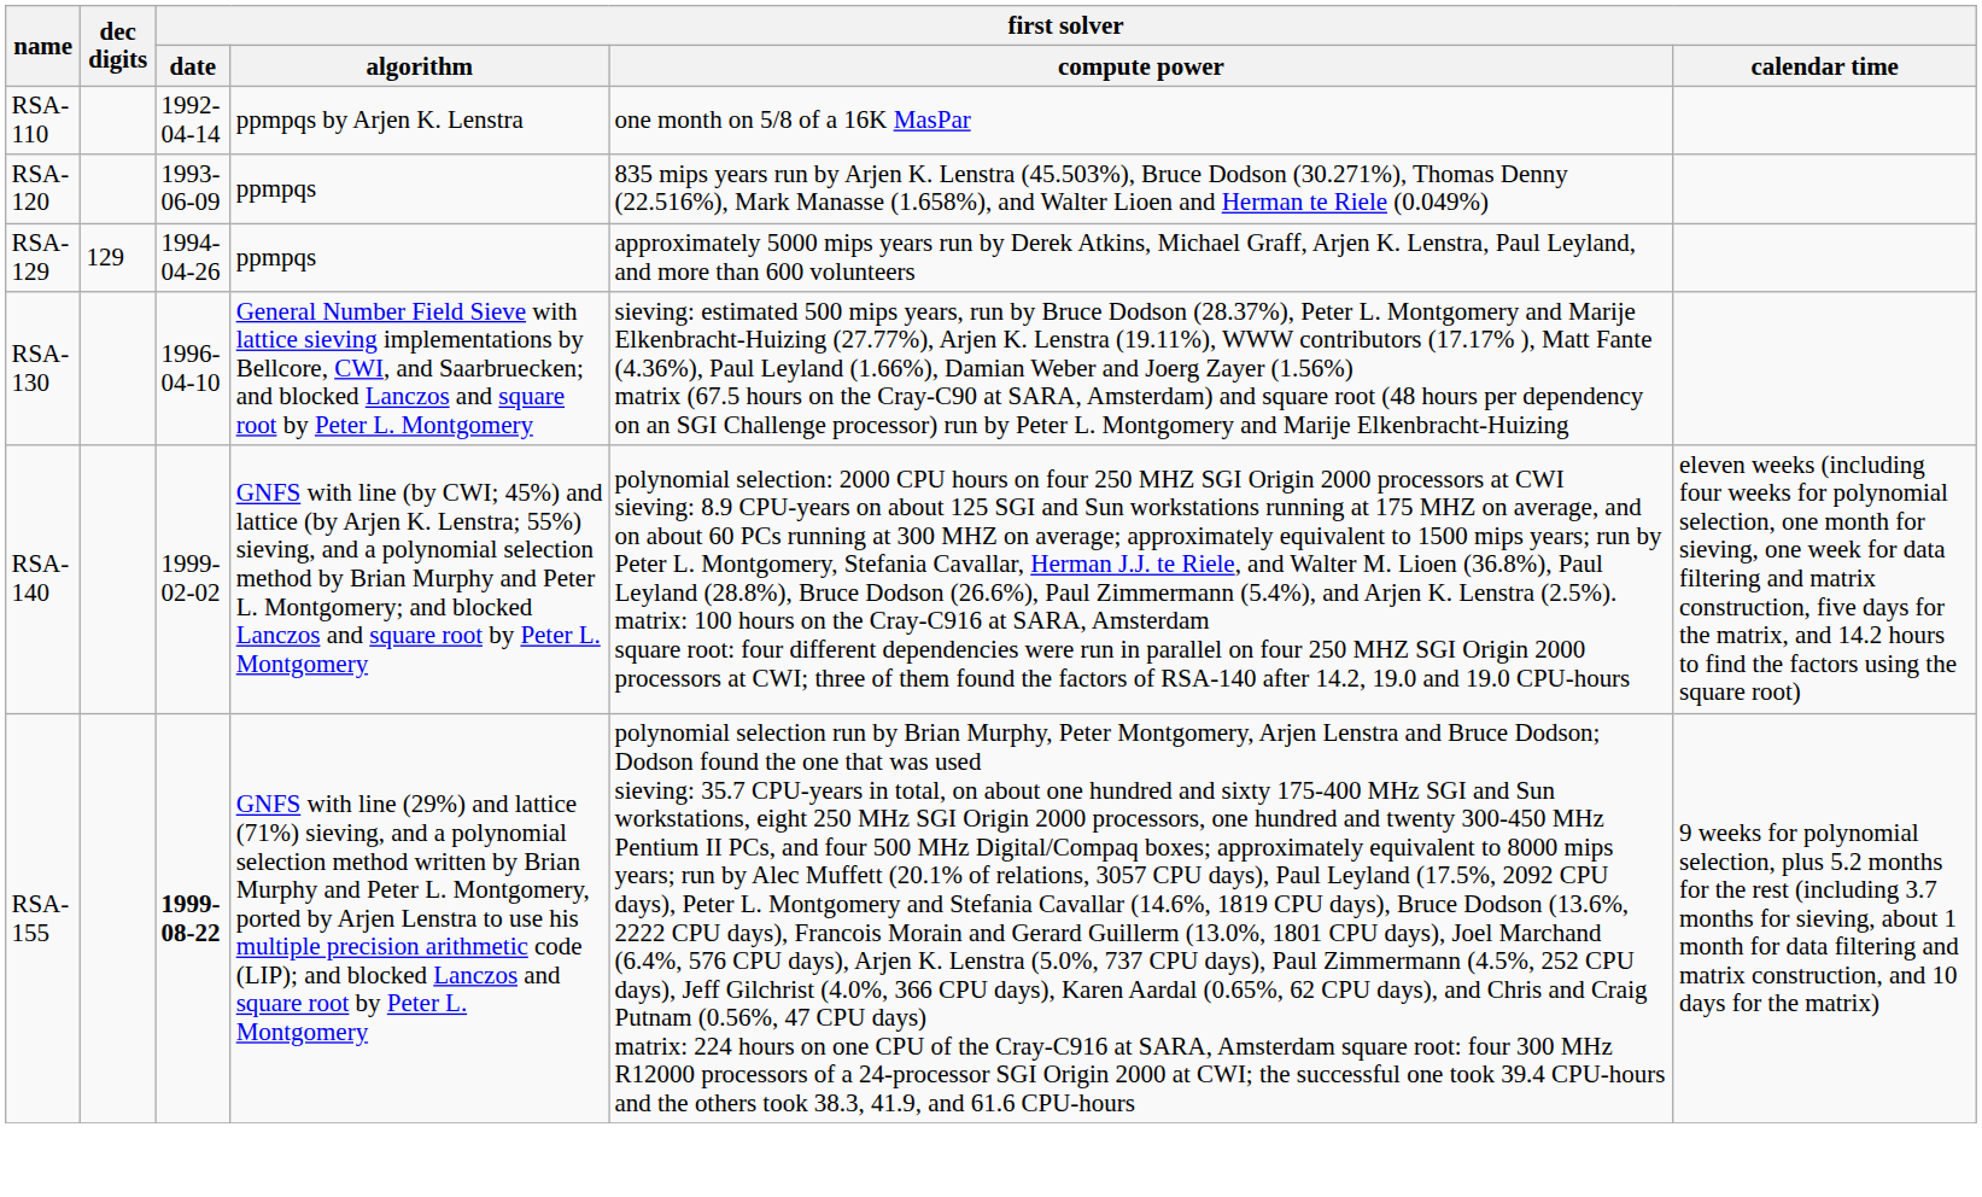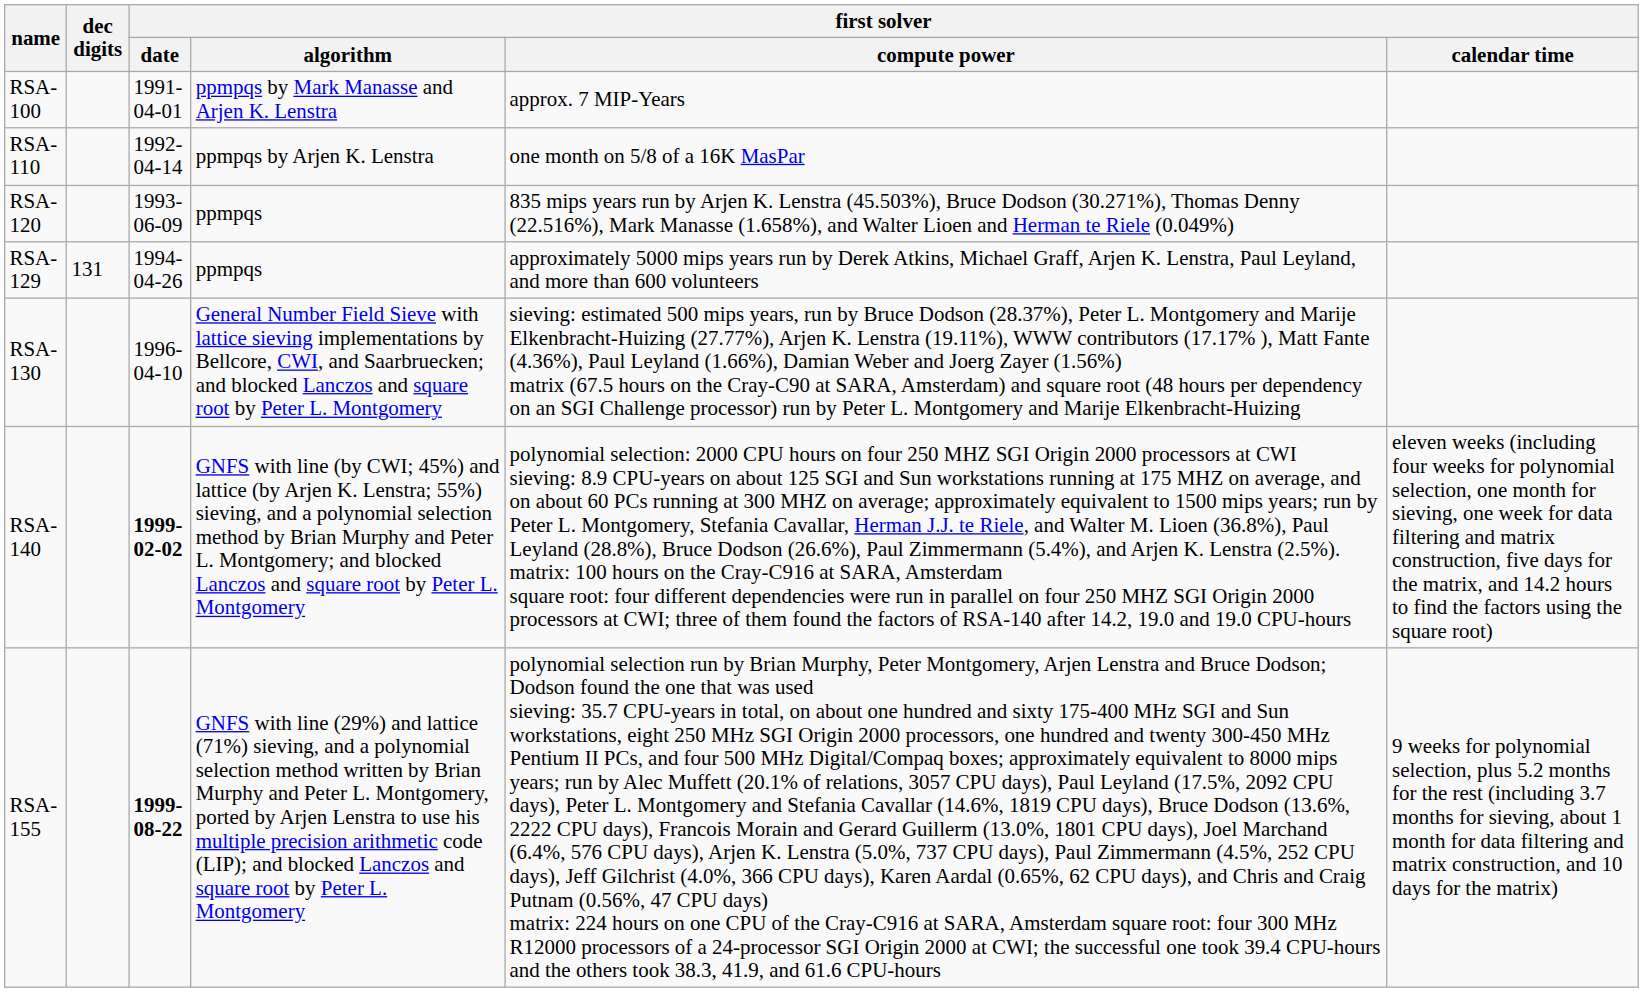 <table class="wikitable sortable sticky-header-multi" style="table-layout: fixed; overflow-wrap: anywhere;">
 <tr>
 <th rowspan="2" style="width:5ch">name</th>
 <th rowspan="2" style="width:5ch">dec digits</th>
 <th colspan="4">first solver</th>
 </tr>
 <tr>
 <th style="width:5ch">date</th>
 <th>algorithm</th>
 <th>compute power</th>
 <th>calendar time</th>
+</tr>
+<tr>
+<td>RSA-100</td>
+<td></td>
+<td>1991-04-01</td>
+<td><a href='#'>ppmpqs</a> by <a href='#'>Mark Manasse</a> and <a href='#'>Arjen K. Lenstra</a></td>
+<td>approx. 7 MIP-Years</td>
+<td></td>
 </tr>
 <tr>
 <td>RSA-110</td>
 <td></td>
 <td>1992-04-14</td>
 <td>ppmpqs by Arjen K. Lenstra</td>
 <td>one month on 5/8 of a 16K <a href='#'>MasPar</a></td>
 <td></td>
 </tr>
 <tr>
 <td>RSA-120</td>
 <td></td>
 <td>1993-06-09</td>
 <td>ppmpqs</td>
 <td>835 mips years run by Arjen K. Lenstra (45.503%), Bruce Dodson (30.271%), Thomas Denny (22.516%), Mark Manasse (1.658%), and Walter Lioen and <a href='#'>Herman te Riele</a> (0.049%)</td>
 <td></td>
 </tr>
 <tr>
 <td>RSA-129</td>
-<td>129</td>
+<td>131</td>
 <td>1994-04-26</td>
 <td>ppmpqs</td>
 <td>approximately 5000 mips years run by Derek Atkins, Michael Graff, Arjen K. Lenstra, Paul Leyland, and more than 600 volunteers</td>
 <td></td>
 </tr>
 <tr>
 <td>RSA-130</td>
 <td></td>
 <td>1996-04-10</td>
 <td><a href='#'>General Number Field Sieve</a> with <a href='#'>lattice sieving</a> implementations by Bellcore, <a href='#'>CWI</a>, and Saarbruecken; and blocked <a href='#'>Lanczos</a> and <a href='#'>square root</a> by <a href='#'>Peter L. Montgomery</a></td>
 <td>sieving: estimated 500 mips years, run by Bruce Dodson (28.37%), Peter L. Montgomery and Marije Elkenbracht-Huizing (27.77%), Arjen K. Lenstra (19.11%), WWW contributors (17.17% ), Matt Fante (4.36%), Paul Leyland (1.66%), Damian Weber and Joerg Zayer (1.56%)<br>matrix (67.5 hours on the Cray-C90 at SARA, Amsterdam) and square root (48 hours per dependency on an SGI Challenge processor) run by Peter L. Montgomery and Marije Elkenbracht-Huizing</td>
 <td></td>
 </tr>
 <tr>
 <td>RSA-140</td>
 <td></td>
-<td>1999-02-02</td>
+<td><strong>1999-02-02</strong></td>
 <td><a href='#'>GNFS</a> with line (by CWI; 45%) and lattice (by Arjen K. Lenstra; 55%) sieving, and a polynomial selection method by Brian Murphy and Peter L. Montgomery; and blocked <a href='#'>Lanczos</a> and <a href='#'>square root</a> by <a href='#'>Peter L. Montgomery</a></td>
 <td>polynomial selection: 2000 CPU hours on four 250 MHZ SGI Origin 2000 processors at CWI<br>sieving: 8.9 CPU-years on about 125 SGI and Sun workstations running at 175 MHZ on average, and on about 60 PCs running at 300 MHZ on average; approximately equivalent to 1500 mips years; run by Peter L. Montgomery, Stefania Cavallar, <a href='#'>Herman J.J. te Riele</a>, and Walter M. Lioen (36.8%), Paul Leyland (28.8%), Bruce Dodson (26.6%), Paul Zimmermann (5.4%), and Arjen K. Lenstra (2.5%).<br>matrix: 100 hours on the Cray-C916 at SARA, Amsterdam<br>square root: four different dependencies were run in parallel on four 250 MHZ SGI Origin 2000 processors at CWI; three of them found the factors of RSA-140 after 14.2, 19.0 and 19.0 CPU-hours</td>
 <td>eleven weeks (including four weeks for polynomial selection, one month for sieving, one week for data filtering and matrix construction, five days for the matrix, and 14.2 hours to find the factors using the square root)</td>
 </tr>
 <tr>
 <td>RSA-155</td>
 <td></td>
 <td><strong>1999-08-22</strong></td>
 <td><a href='#'>GNFS</a> with line (29%) and lattice (71%) sieving, and a polynomial selection method written by Brian Murphy and Peter L. Montgomery, ported by Arjen Lenstra to use his <a href='#'>multiple precision arithmetic</a> code (LIP); and blocked <a href='#'>Lanczos</a> and <a href='#'>square root</a> by <a href='#'>Peter L. Montgomery</a></td>
 <td>polynomial selection run by Brian Murphy, Peter Montgomery, Arjen Lenstra and Bruce Dodson; Dodson found the one that was used<br>sieving: 35.7 CPU-years in total, on about one hundred and sixty 175-400 MHz SGI and Sun workstations, eight 250 MHz SGI Origin 2000 processors, one hundred and twenty 300-450 MHz Pentium II PCs, and four 500 MHz Digital/Compaq boxes; approximately equivalent to 8000 mips years; run by Alec Muffett (20.1% of relations, 3057 CPU days), Paul Leyland (17.5%, 2092 CPU days), Peter L. Montgomery and Stefania Cavallar (14.6%, 1819 CPU days), Bruce Dodson (13.6%, 2222 CPU days), Francois Morain and Gerard Guillerm (13.0%, 1801 CPU days), Joel Marchand (6.4%, 576 CPU days), Arjen K. Lenstra (5.0%, 737 CPU days), Paul Zimmermann (4.5%, 252 CPU days), Jeff Gilchrist (4.0%, 366 CPU days), Karen Aardal (0.65%, 62 CPU days), and Chris and Craig Putnam (0.56%, 47 CPU days)<br>matrix: 224 hours on one CPU of the Cray-C916 at SARA, Amsterdam square root: four 300 MHz R12000 processors of a 24-processor SGI Origin 2000 at CWI; the successful one took 39.4 CPU-hours and the others took 38.3, 41.9, and 61.6 CPU-hours</td>
 <td>9 weeks for polynomial selection, plus 5.2 months for the rest (including 3.7 months for sieving, about 1 month for data filtering and matrix construction, and 10 days for the matrix)</td>
 </tr>
 </table>
